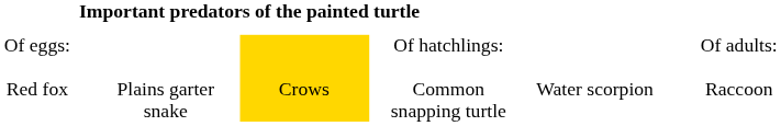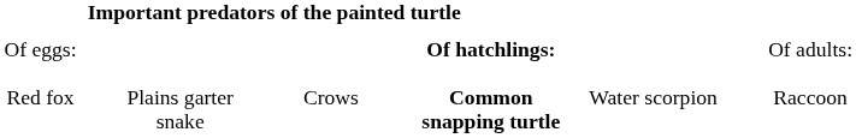 <table style="margin:0.5em auto 0.5em auto; text-align:center; width:700px;" cellpadding="0" cellspacing="10">
 <tr>
 <td colspan="4"><strong>Important predators of the painted turtle</strong></td>
 </tr>
 <tr style="vertical-align:top;">
 <td style="width:223px;">Of eggs:<br><br>Red fox</td>
 <td style="width:250px;"><br><br>Plains garter snake</td>
-<td style="background: gold; width:260px;"><br><br>Crows</td>
-<td style="width:210px;">Of hatchlings:<br><br>Common snapping turtle</td>
+<td style="width:260px;"><br><br>Crows</td>
+<td style="width:210px;"><strong>Of hatchlings:<br><br>Common snapping turtle</strong></td>
 <td style="width:240px;"><br><br>Water scorpion</td>
 <td style="width:230px;">Of adults:<br><br>Raccoon</td>
 </tr>
 </table>
